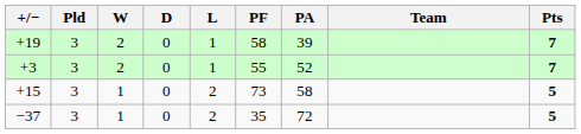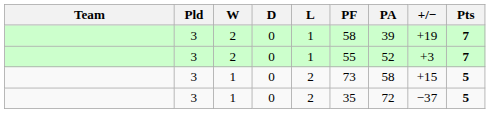 <table class="wikitable" style="text-align:center">
 <tr>
-<th width="40">+/−</th>
+<th width="200">Team</th>
 <th width="40">Pld</th>
 <th width="40">W</th>
 <th width="40">D</th>
 <th width="40">L</th>
 <th width="40">PF</th>
 <th width="40">PA</th>
-<th width="200">Team</th>
+<th width="40">+/−</th>
 <th width="40">Pts</th>
 </tr>
 <tr style="background:#cfc">
-<td>+19</td>
+<td align=left></td>
 <td>3</td>
 <td>2</td>
 <td>0</td>
 <td>1</td>
 <td>58</td>
 <td>39</td>
-<td align=left></td>
+<td>+19</td>
 <td><strong>7</strong></td>
 </tr>
 <tr style="background:#cfc">
-<td>+3</td>
+<td align=left></td>
 <td>3</td>
 <td>2</td>
 <td>0</td>
 <td>1</td>
 <td>55</td>
 <td>52</td>
-<td align=left></td>
+<td>+3</td>
 <td><strong>7</strong></td>
 </tr>
 <tr>
-<td>+15</td>
+<td align=left></td>
 <td>3</td>
 <td>1</td>
 <td>0</td>
 <td>2</td>
 <td>73</td>
 <td>58</td>
-<td align=left></td>
+<td>+15</td>
 <td><strong>5</strong></td>
 </tr>
 <tr>
-<td>−37</td>
+<td align=left></td>
 <td>3</td>
 <td>1</td>
 <td>0</td>
 <td>2</td>
 <td>35</td>
 <td>72</td>
-<td align=left></td>
+<td>−37</td>
 <td><strong>5</strong></td>
 </tr>
 </table>
